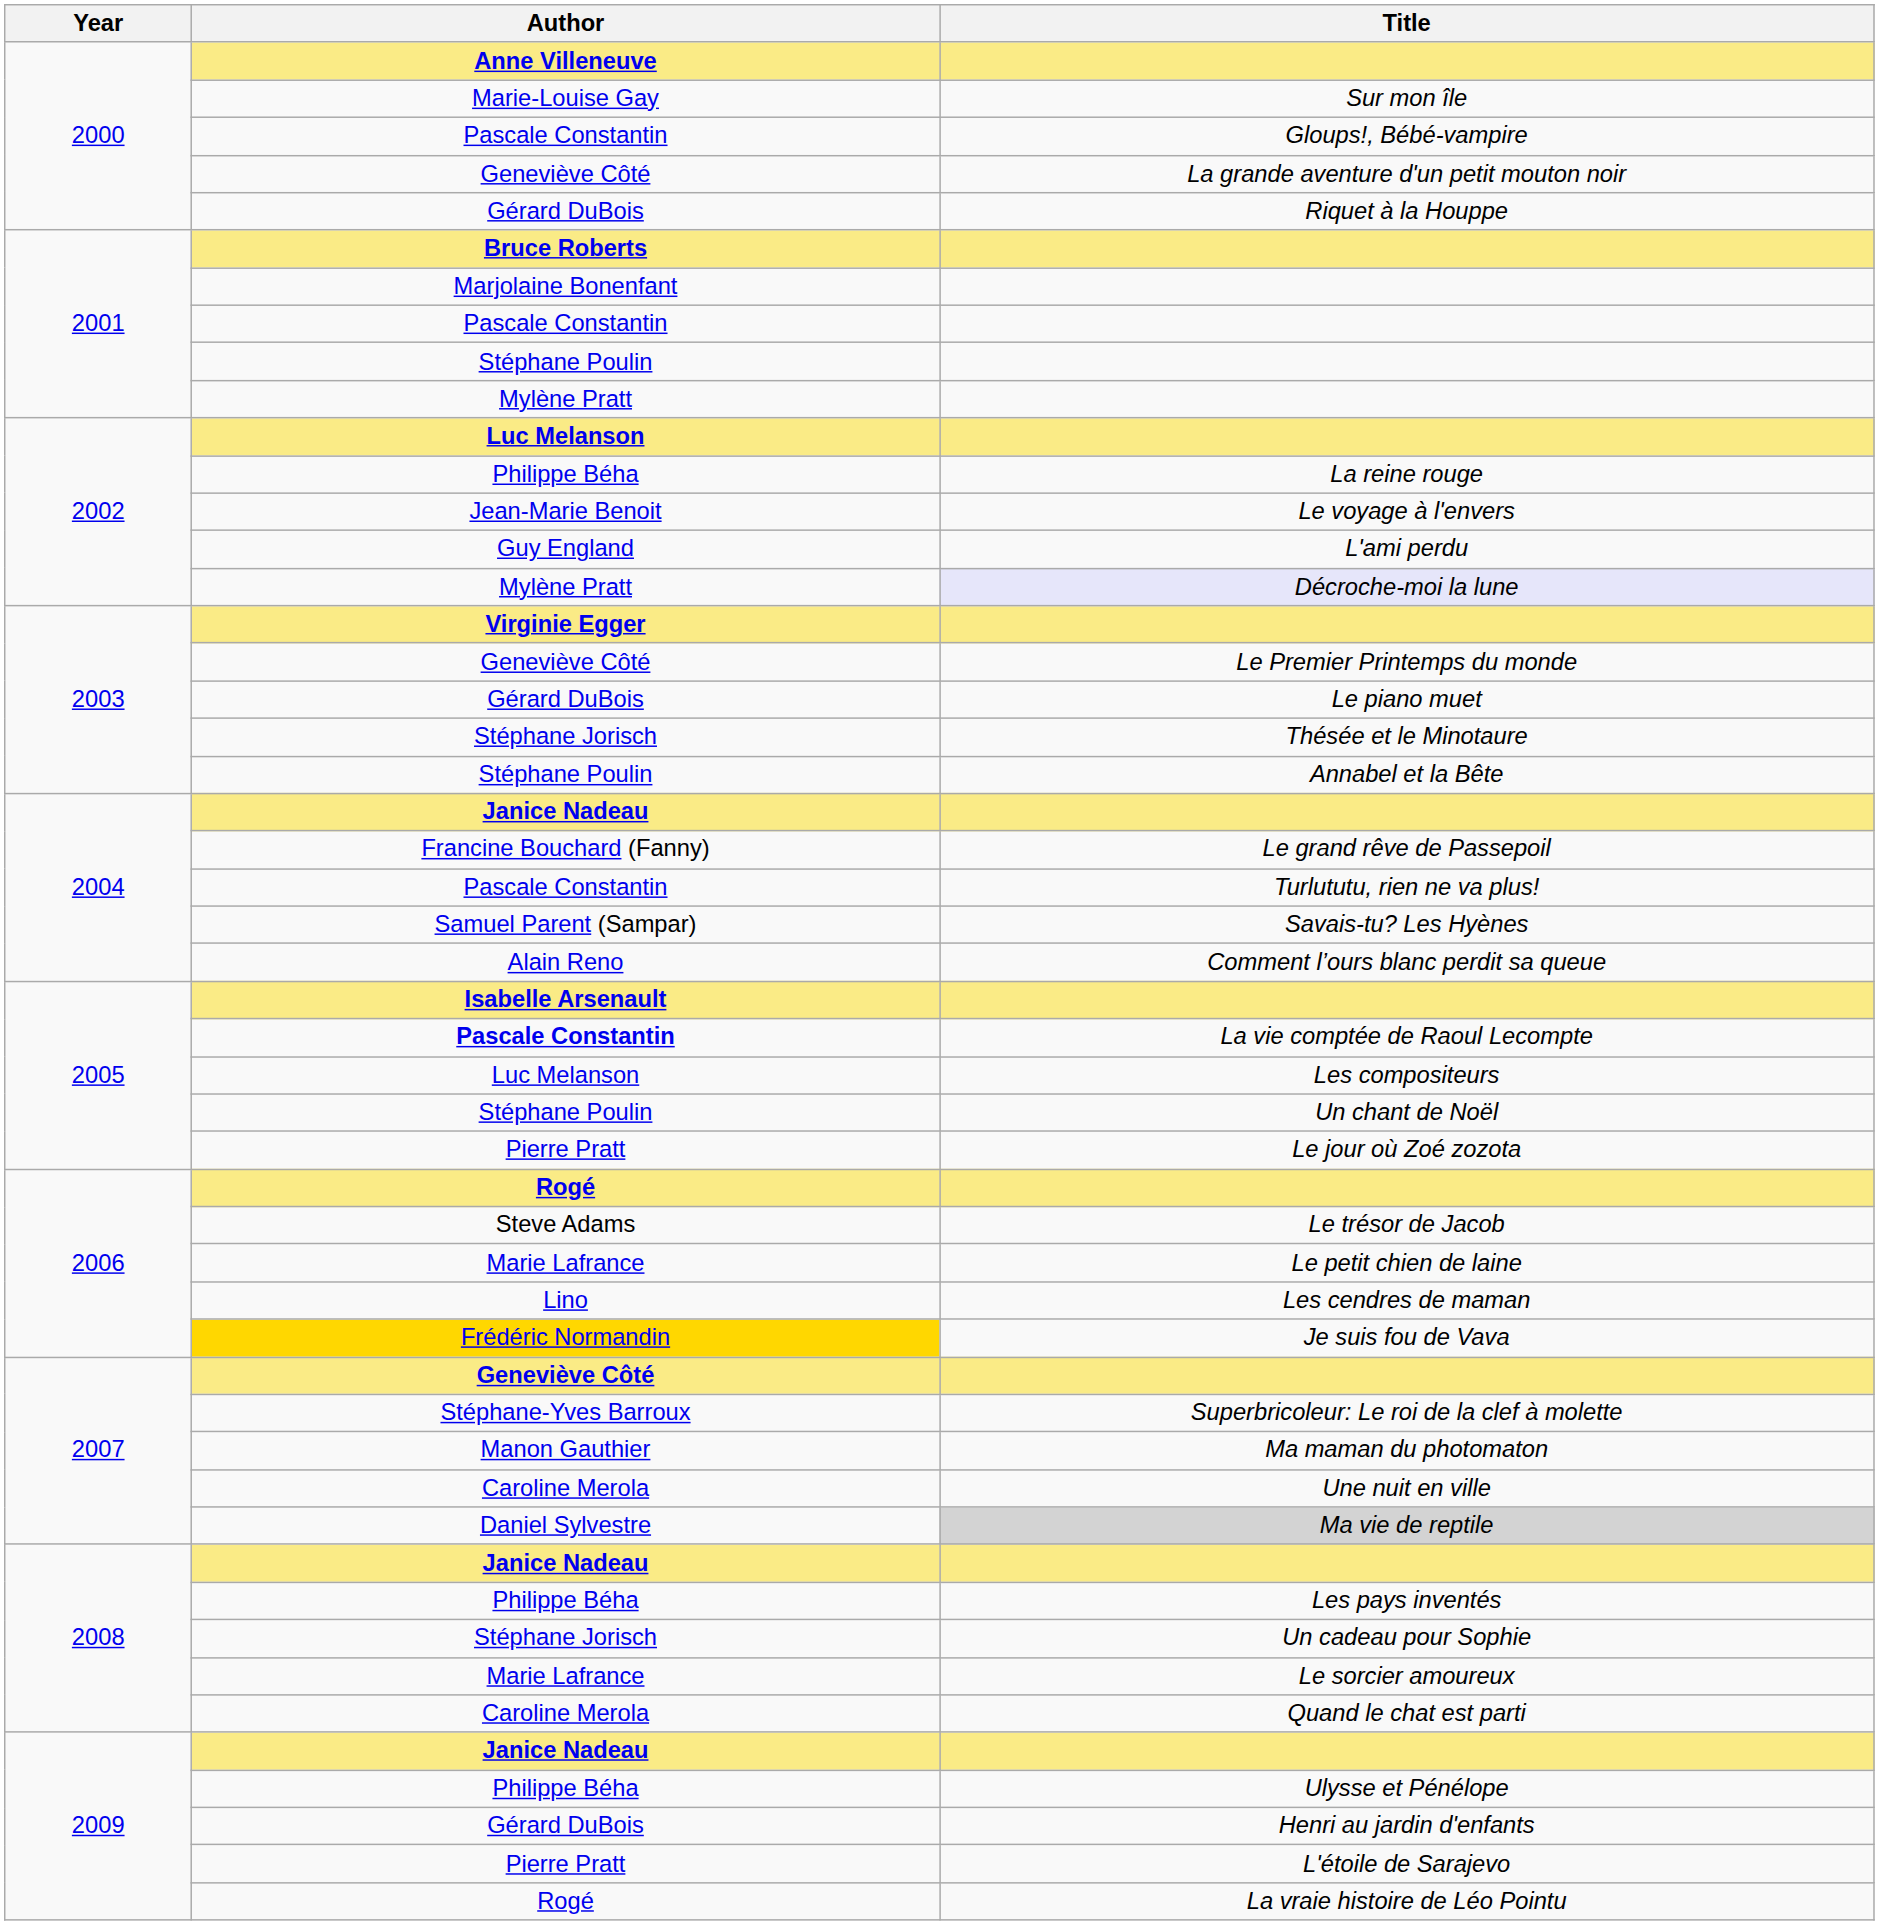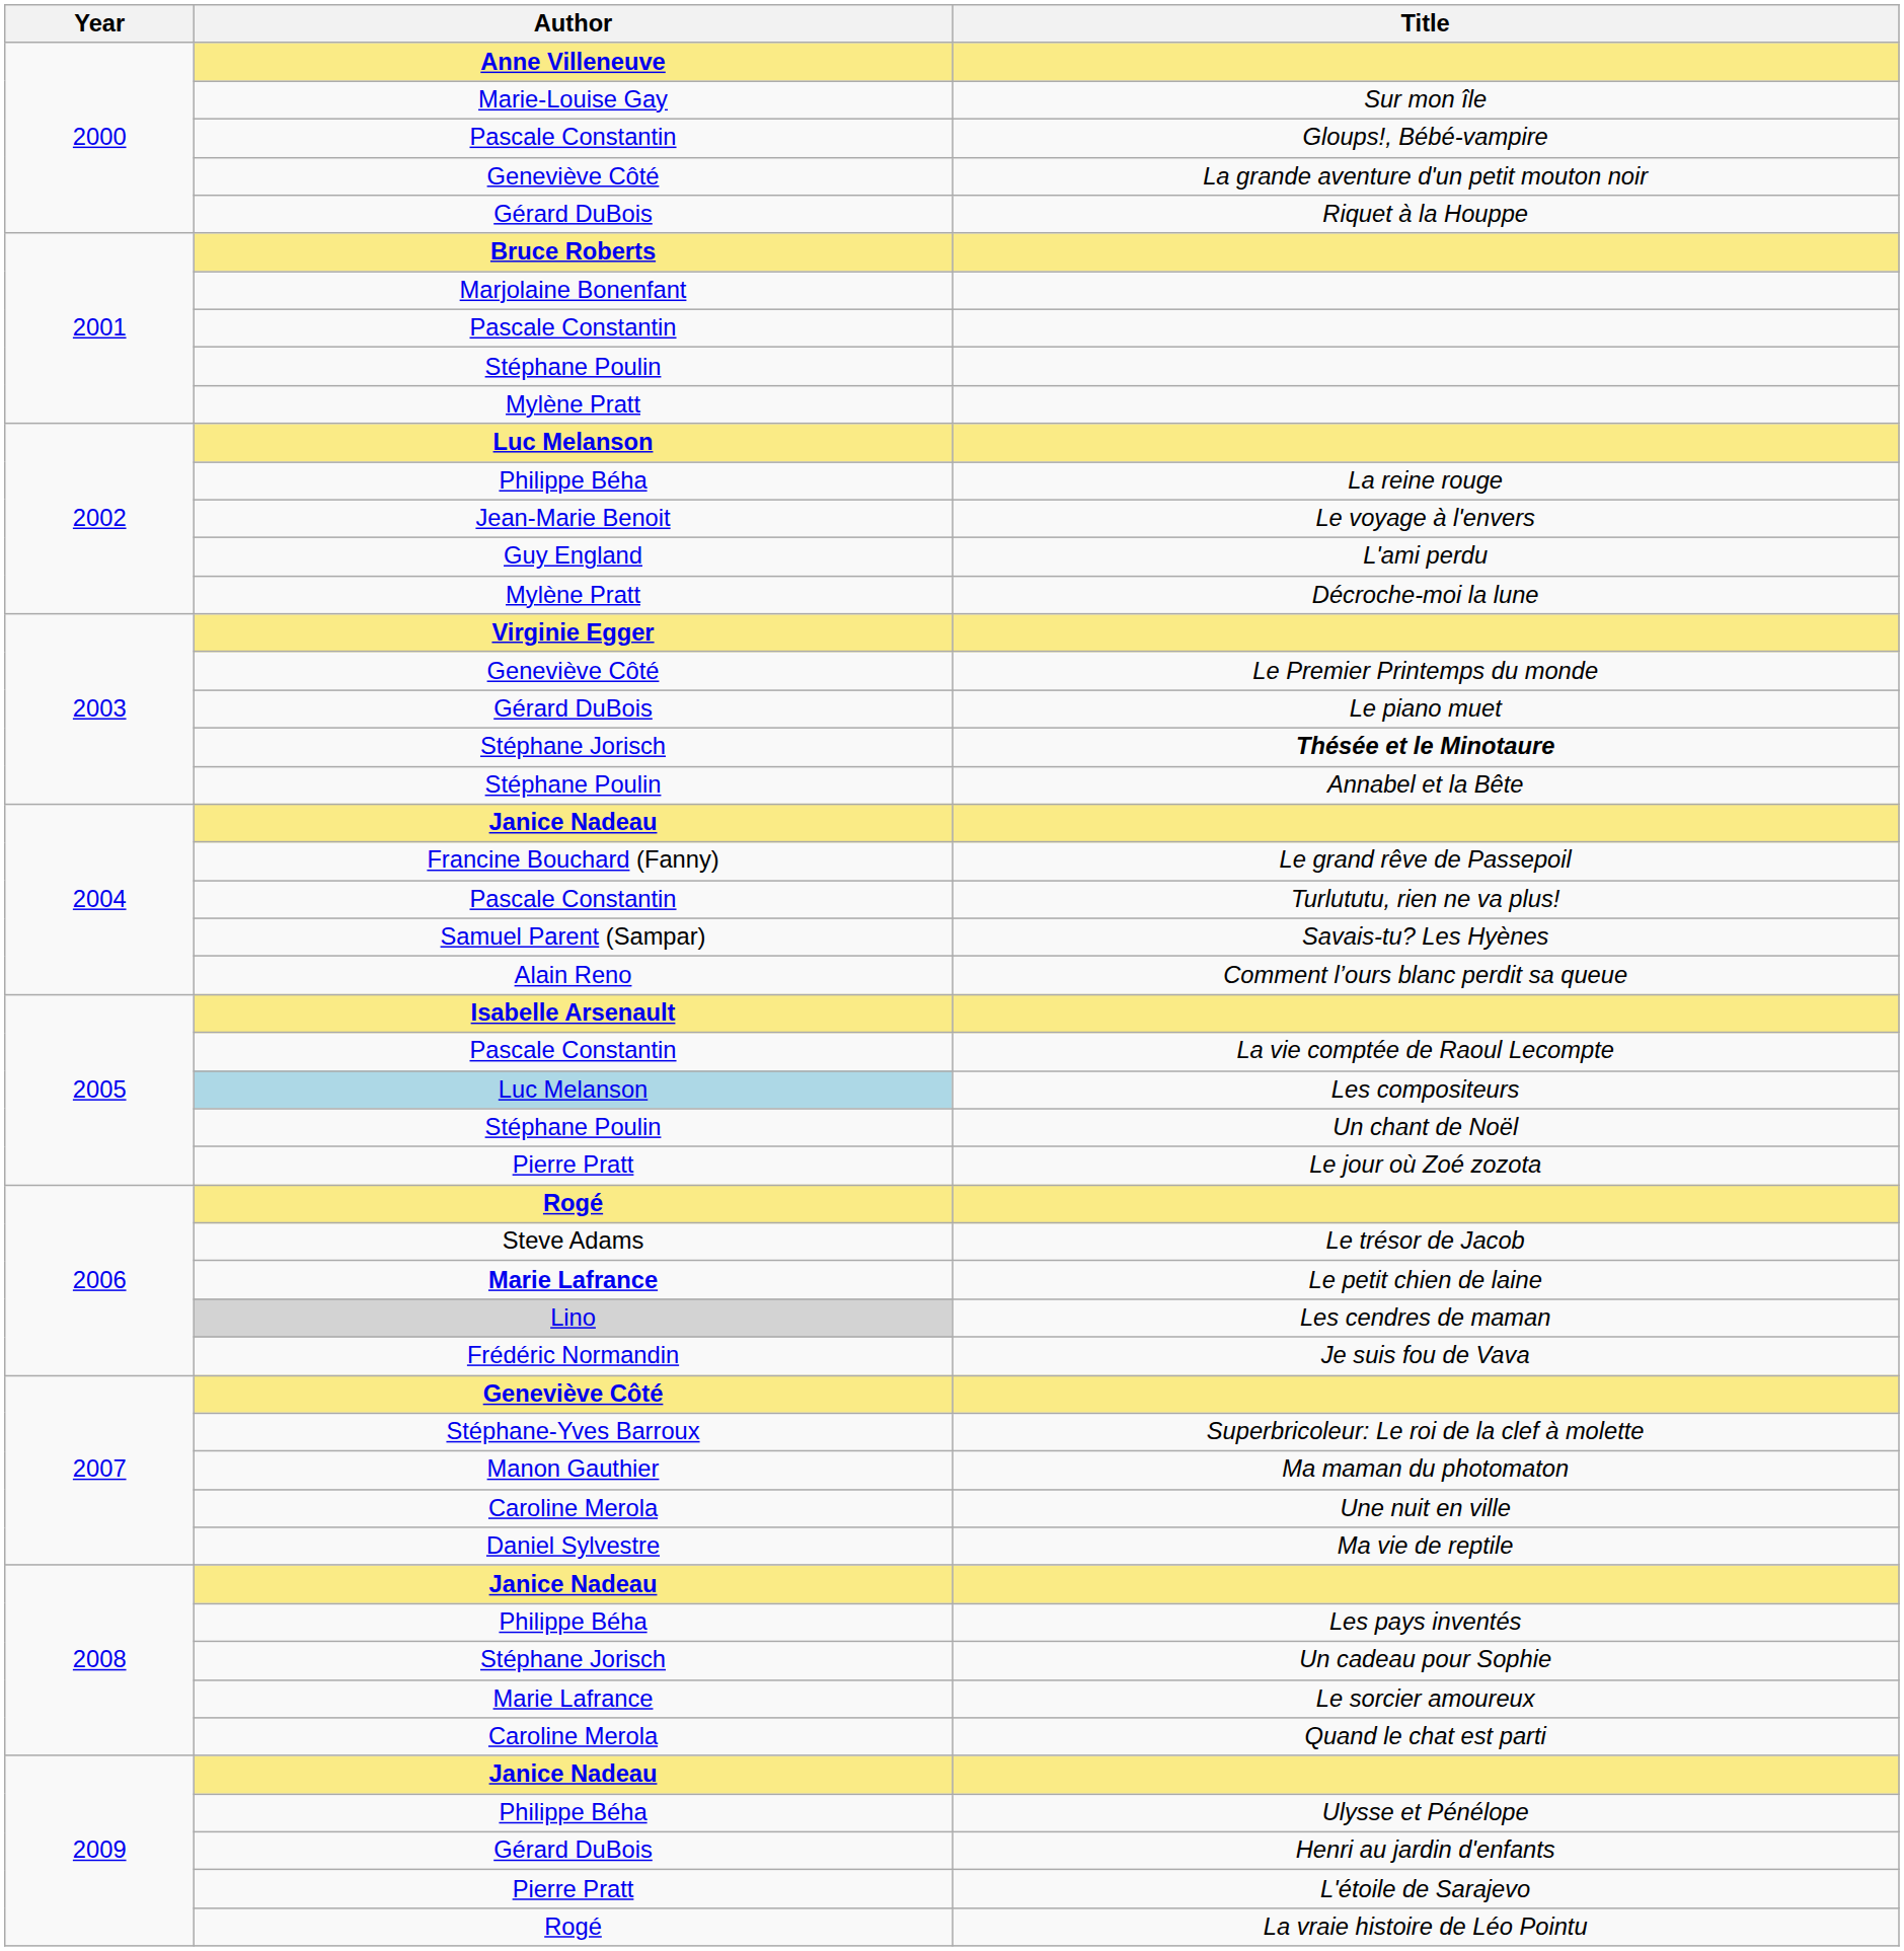 <table class="wikitable" width="100%">
 <tr>
 <th>Year</th>
 <th width="40%">Author</th>
 <th width="50%">Title</th>
 </tr>
 <tr>
 <td align="center" rowspan="5"><a href='#'>2000</a></td>
 <td align="center" style="background:#FAEB86"><strong><a href='#'>Anne Villeneuve</a></strong></td>
 <td align="center" style="background:#FAEB86"><strong><em></em></strong></td>
 </tr>
 <tr>
 <td align="center"><a href='#'>Marie-Louise Gay</a></td>
 <td align="center"><em>Sur mon île</em></td>
 </tr>
 <tr>
 <td align="center"><a href='#'>Pascale Constantin</a></td>
 <td align="center"><em>Gloups!, Bébé-vampire</em></td>
 </tr>
 <tr>
 <td align="center"><a href='#'>Geneviève Côté</a></td>
 <td align="center"><em>La grande aventure d'un petit mouton noir</em></td>
 </tr>
 <tr>
 <td align="center"><a href='#'>Gérard DuBois</a></td>
 <td align="center"><em>Riquet à la Houppe</em></td>
 </tr>
 <tr>
 <td align="center" rowspan="5"><a href='#'>2001</a></td>
 <td align="center" style="background:#FAEB86"><strong><a href='#'>Bruce Roberts</a></strong></td>
 <td align="center" style="background:#FAEB86"><strong><em></em></strong></td>
 </tr>
 <tr>
 <td align="center"><a href='#'>Marjolaine Bonenfant</a></td>
 <td align="center"><em></em></td>
 </tr>
 <tr>
 <td align="center"><a href='#'>Pascale Constantin</a></td>
 <td align="center"><em></em></td>
 </tr>
 <tr>
 <td align="center"><a href='#'>Stéphane Poulin</a></td>
 <td align="center"><em></em></td>
 </tr>
 <tr>
 <td align="center"><a href='#'>Mylène Pratt</a></td>
 <td align="center"><em></em></td>
 </tr>
 <tr>
 <td align="center" rowspan="5"><a href='#'>2002</a></td>
 <td align="center" style="background:#FAEB86"><strong><a href='#'>Luc Melanson</a></strong></td>
 <td align="center" style="background:#FAEB86"><strong><em></em></strong></td>
 </tr>
 <tr>
 <td align="center"><a href='#'>Philippe Béha</a></td>
 <td align="center"><em>La reine rouge</em></td>
 </tr>
 <tr>
 <td align="center"><a href='#'>Jean-Marie Benoit</a></td>
 <td align="center"><em>Le voyage à l'envers</em></td>
 </tr>
 <tr>
 <td align="center"><a href='#'>Guy England</a></td>
 <td align="center"><em>L'ami perdu</em></td>
 </tr>
 <tr>
 <td align="center"><a href='#'>Mylène Pratt</a></td>
-<td align="center" style="background: lavender;"><em>Décroche-moi la lune</em></td>
+<td align="center"><em>Décroche-moi la lune</em></td>
 </tr>
 <tr>
 <td align="center" rowspan="5"><a href='#'>2003</a></td>
 <td align="center" style="background:#FAEB86"><strong><a href='#'>Virginie Egger</a></strong></td>
 <td align="center" style="background:#FAEB86"><strong><em></em></strong></td>
 </tr>
 <tr>
 <td align="center"><a href='#'>Geneviève Côté</a></td>
 <td align="center"><em>Le Premier Printemps du monde</em></td>
 </tr>
 <tr>
 <td align="center"><a href='#'>Gérard DuBois</a></td>
 <td align="center"><em>Le piano muet</em></td>
 </tr>
 <tr>
 <td align="center"><a href='#'>Stéphane Jorisch</a></td>
-<td align="center"><em>Thésée et le Minotaure</em></td>
+<td align="center"><strong><em>Thésée et le Minotaure</em></strong></td>
 </tr>
 <tr>
 <td align="center"><a href='#'>Stéphane Poulin</a></td>
 <td align="center"><em>Annabel et la Bête</em></td>
 </tr>
 <tr>
 <td align="center" rowspan="5"><a href='#'>2004</a></td>
 <td align="center" style="background:#FAEB86"><strong><a href='#'>Janice Nadeau</a></strong></td>
 <td align="center" style="background:#FAEB86"><strong><em></em></strong></td>
 </tr>
 <tr>
 <td align="center"><a href='#'>Francine Bouchard</a> (Fanny)</td>
 <td align="center"><em>Le grand rêve de Passepoil</em></td>
 </tr>
 <tr>
 <td align="center"><a href='#'>Pascale Constantin</a></td>
 <td align="center"><em>Turlututu, rien ne va plus!</em></td>
 </tr>
 <tr>
 <td align="center"><a href='#'>Samuel Parent</a> (Sampar)</td>
 <td align="center"><em>Savais-tu? Les Hyènes</em></td>
 </tr>
 <tr>
 <td align="center"><a href='#'>Alain Reno</a></td>
 <td align="center"><em>Comment l’ours blanc perdit sa queue</em></td>
 </tr>
 <tr>
 <td align="center" rowspan="5"><a href='#'>2005</a></td>
 <td align="center" style="background:#FAEB86"><strong><a href='#'>Isabelle Arsenault</a></strong></td>
 <td align="center" style="background:#FAEB86"><strong><em></em></strong></td>
 </tr>
 <tr>
-<td align="center"><strong><a href='#'>Pascale Constantin</a></strong></td>
+<td align="center"><a href='#'>Pascale Constantin</a></td>
 <td align="center"><em>La vie comptée de Raoul Lecompte</em></td>
 </tr>
 <tr>
-<td align="center"><a href='#'>Luc Melanson</a></td>
+<td align="center" style="background: lightblue;"><a href='#'>Luc Melanson</a></td>
 <td align="center"><em>Les compositeurs</em></td>
 </tr>
 <tr>
 <td align="center"><a href='#'>Stéphane Poulin</a></td>
 <td align="center"><em>Un chant de Noël</em></td>
 </tr>
 <tr>
 <td align="center"><a href='#'>Pierre Pratt</a></td>
 <td align="center"><em>Le jour où Zoé zozota</em></td>
 </tr>
 <tr>
 <td align="center" rowspan="5"><a href='#'>2006</a></td>
 <td align="center" style="background:#FAEB86"><strong><a href='#'>Rogé</a></strong></td>
 <td align="center" style="background:#FAEB86"><strong><em></em></strong></td>
 </tr>
 <tr>
 <td align="center">Steve Adams</td>
 <td align="center"><em>Le trésor de Jacob</em></td>
 </tr>
 <tr>
-<td align="center"><a href='#'>Marie Lafrance</a></td>
+<td align="center"><strong><a href='#'>Marie Lafrance</a></strong></td>
 <td align="center"><em>Le petit chien de laine</em></td>
 </tr>
 <tr>
-<td align="center"><a href='#'>Lino</a></td>
+<td align="center" style="background: lightgrey;"><a href='#'>Lino</a></td>
 <td align="center"><em>Les cendres de maman</em></td>
 </tr>
 <tr>
-<td align="center" style="background: gold;"><a href='#'>Frédéric Normandin</a></td>
+<td align="center"><a href='#'>Frédéric Normandin</a></td>
 <td align="center"><em>Je suis fou de Vava</em></td>
 </tr>
 <tr>
 <td align="center" rowspan="5"><a href='#'>2007</a></td>
 <td align="center" style="background:#FAEB86"><strong><a href='#'>Geneviève Côté</a></strong></td>
 <td align="center" style="background:#FAEB86"><strong><em></em></strong></td>
 </tr>
 <tr>
 <td align="center"><a href='#'>Stéphane-Yves Barroux</a></td>
 <td align="center"><em>Superbricoleur: Le roi de la clef à molette</em></td>
 </tr>
 <tr>
 <td align="center"><a href='#'>Manon Gauthier</a></td>
 <td align="center"><em>Ma maman du photomaton</em></td>
 </tr>
 <tr>
 <td align="center"><a href='#'>Caroline Merola</a></td>
 <td align="center"><em>Une nuit en ville</em></td>
 </tr>
 <tr>
 <td align="center"><a href='#'>Daniel Sylvestre</a></td>
-<td align="center" style="background: lightgrey;"><em>Ma vie de reptile</em></td>
+<td align="center"><em>Ma vie de reptile</em></td>
 </tr>
 <tr>
 <td align="center" rowspan="5"><a href='#'>2008</a></td>
 <td align="center" style="background:#FAEB86"><strong><a href='#'>Janice Nadeau</a></strong></td>
 <td align="center" style="background:#FAEB86"><strong><em></em></strong></td>
 </tr>
 <tr>
 <td align="center"><a href='#'>Philippe Béha</a></td>
 <td align="center"><em>Les pays inventés</em></td>
 </tr>
 <tr>
 <td align="center"><a href='#'>Stéphane Jorisch</a></td>
 <td align="center"><em>Un cadeau pour Sophie</em></td>
 </tr>
 <tr>
 <td align="center"><a href='#'>Marie Lafrance</a></td>
 <td align="center"><em>Le sorcier amoureux</em></td>
 </tr>
 <tr>
 <td align="center"><a href='#'>Caroline Merola</a></td>
 <td align="center"><em>Quand le chat est parti</em></td>
 </tr>
 <tr>
 <td align="center" rowspan="5"><a href='#'>2009</a></td>
 <td align="center" style="background:#FAEB86"><strong><a href='#'>Janice Nadeau</a></strong></td>
 <td align="center" style="background:#FAEB86"><strong><em></em></strong></td>
 </tr>
 <tr>
 <td align="center"><a href='#'>Philippe Béha</a></td>
 <td align="center"><em>Ulysse et Pénélope</em></td>
 </tr>
 <tr>
 <td align="center"><a href='#'>Gérard DuBois</a></td>
 <td align="center"><em>Henri au jardin d'enfants</em></td>
 </tr>
 <tr>
 <td align="center"><a href='#'>Pierre Pratt</a></td>
 <td align="center"><em>L'étoile de Sarajevo</em></td>
 </tr>
 <tr>
 <td align="center"><a href='#'>Rogé</a></td>
 <td align="center"><em>La vraie histoire de Léo Pointu</em></td>
 </tr>
 </table>
